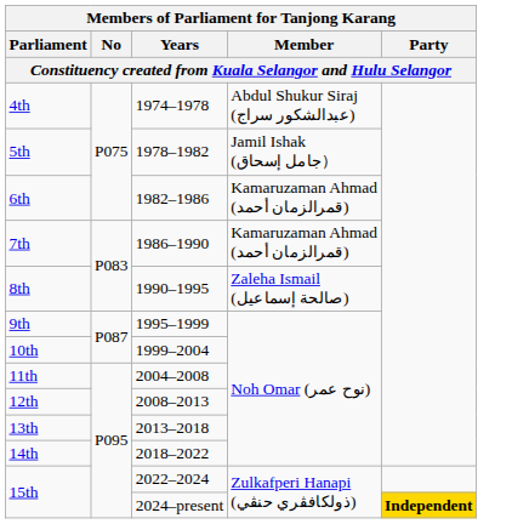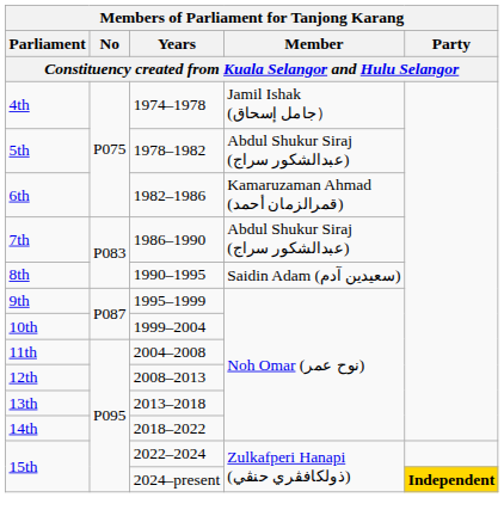 <table class=wikitable>
 <tr>
 <th colspan="5">Members of Parliament for Tanjong Karang</th>
 </tr>
 <tr>
 <th>Parliament</th>
 <th>No</th>
 <th>Years</th>
 <th>Member</th>
 <th>Party</th>
 </tr>
 <tr>
 <th colspan="5" align="center"><em>Constituency created from <a href='#'>Kuala Selangor</a> and <a href='#'>Hulu Selangor</a></em></th>
 </tr>
 <tr>
 <td><a href='#'>4th</a></td>
 <td rowspan="3">P075</td>
 <td class="nowrap">1974–1978</td>
-<td>Abdul Shukur Siraj <br> (عبدالشكور سراج)</td>
+<td>Jamil Ishak <br> (جامل إسحاق）</td>
 <td rowspan="11"></td>
 </tr>
 <tr>
 <td><a href='#'>5th</a></td>
 <td>1978–1982</td>
-<td>Jamil Ishak <br> (جامل إسحاق）</td>
+<td>Abdul Shukur Siraj <br> (عبدالشكور سراج)</td>
 </tr>
 <tr>
 <td><a href='#'>6th</a></td>
 <td>1982–1986</td>
 <td>Kamaruzaman Ahmad  <br>(قمرالزمان أحمد)</td>
 </tr>
 <tr>
 <td><a href='#'>7th</a></td>
 <td rowspan="2">P083</td>
 <td>1986–1990</td>
-<td>Kamaruzaman Ahmad  <br>(قمرالزمان أحمد)</td>
+<td>Abdul Shukur Siraj <br> (عبدالشكور سراج)</td>
 </tr>
 <tr>
 <td><a href='#'>8th</a></td>
 <td>1990–1995</td>
-<td><a href='#'>Zaleha Ismail</a> <br> (صالحة إسماعيل)</td>
+<td>Saidin Adam (سعيدين آدم)</td>
 </tr>
 <tr>
 <td><a href='#'>9th</a></td>
 <td rowspan="2">P087</td>
 <td>1995–1999</td>
 <td rowspan=6><a href='#'>Noh Omar</a> (نوح عمر)</td>
 </tr>
 <tr>
 <td><a href='#'>10th</a></td>
 <td>1999–2004</td>
 </tr>
 <tr>
 <td><a href='#'>11th</a></td>
 <td rowspan="6">P095</td>
 <td>2004–2008</td>
 </tr>
 <tr>
 <td><a href='#'>12th</a></td>
 <td>2008–2013</td>
 </tr>
 <tr>
 <td><a href='#'>13th</a></td>
 <td>2013–2018</td>
 </tr>
 <tr>
 <td><a href='#'>14th</a></td>
 <td>2018–2022</td>
 </tr>
 <tr>
 <td rowspan="2"><a href='#'>15th</a></td>
 <td>2022–2024</td>
 <td rowspan="2"><a href='#'>Zulkafperi Hanapi</a> <br> (ذولكافڤري حنڤي)</td>
 <td></td>
 </tr>
 <tr>
 <td>2024–present</td>
 <td style="background: gold;"><strong>Independent</strong></td>
 </tr>
 </table>
